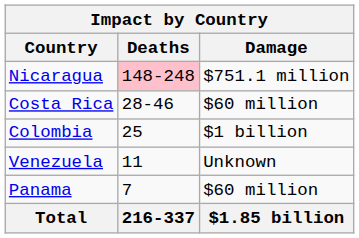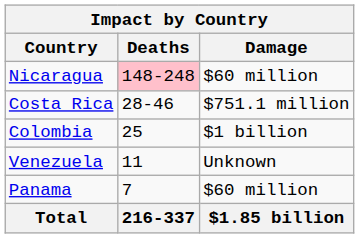 <table class="wikitable" align="right">
 <tr>
 <th colspan=3>Impact by Country</th>
 </tr>
 <tr>
 <th>Country</th>
 <th>Deaths</th>
 <th>Damage</th>
 </tr>
 <tr>
 <td><a href='#'>Nicaragua</a></td>
 <td style="background: pink;">148-248</td>
-<td>$751.1 million</td>
+<td>$60 million</td>
 </tr>
 <tr>
 <td><a href='#'>Costa Rica</a></td>
 <td>28-46</td>
-<td>$60 million</td>
+<td>$751.1 million</td>
 </tr>
 <tr>
 <td><a href='#'>Colombia</a></td>
 <td>25</td>
 <td>$1 billion</td>
 </tr>
 <tr>
 <td><a href='#'>Venezuela</a></td>
 <td>11</td>
 <td>Unknown</td>
 </tr>
 <tr>
 <td><a href='#'>Panama</a></td>
 <td>7</td>
 <td>$60 million</td>
 </tr>
 <tr>
 <th>Total</th>
 <th>216-337</th>
 <th>$1.85 billion</th>
 </tr>
 </table>
